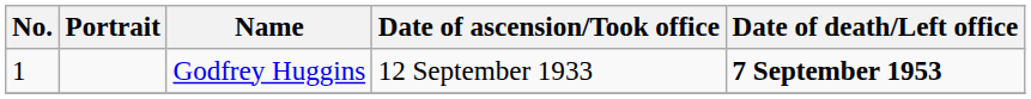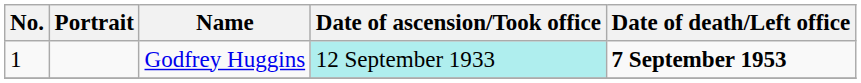 <table class="wikitable">
 <tr>
 <th>No.</th>
 <th>Portrait</th>
 <th>Name</th>
 <th>Date of ascension/Took office</th>
 <th>Date of death/Left office</th>
 </tr>
 <tr>
 <td>1</td>
 <td></td>
 <td><a href='#'>Godfrey Huggins</a></td>
-<td>12 September 1933</td>
+<td style="background: paleturquoise;">12 September 1933</td>
 <td><strong>7 September 1953</strong></td>
 </tr>
 <tr>
 </tr>
 </table>
